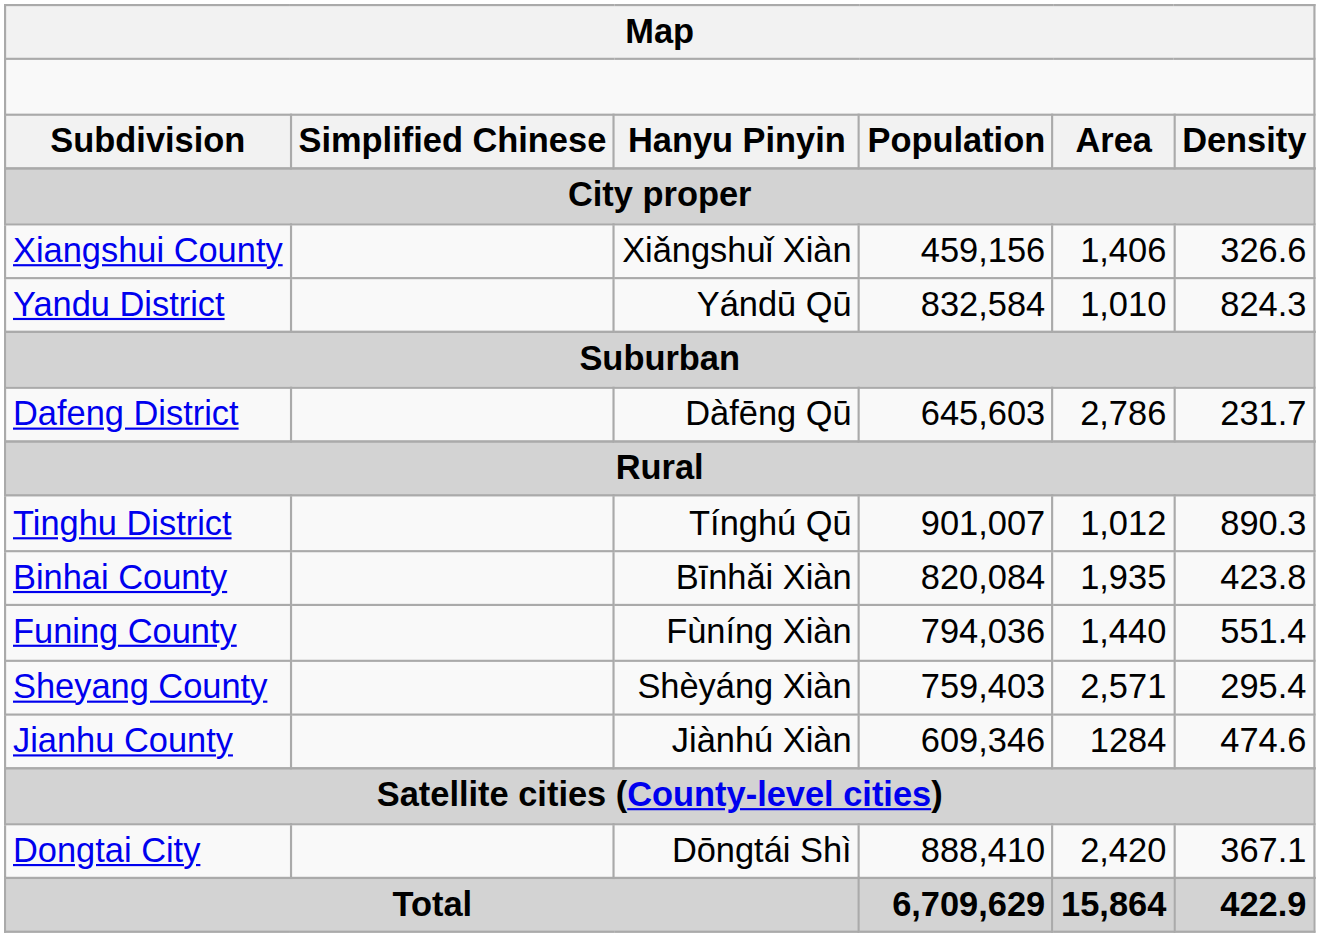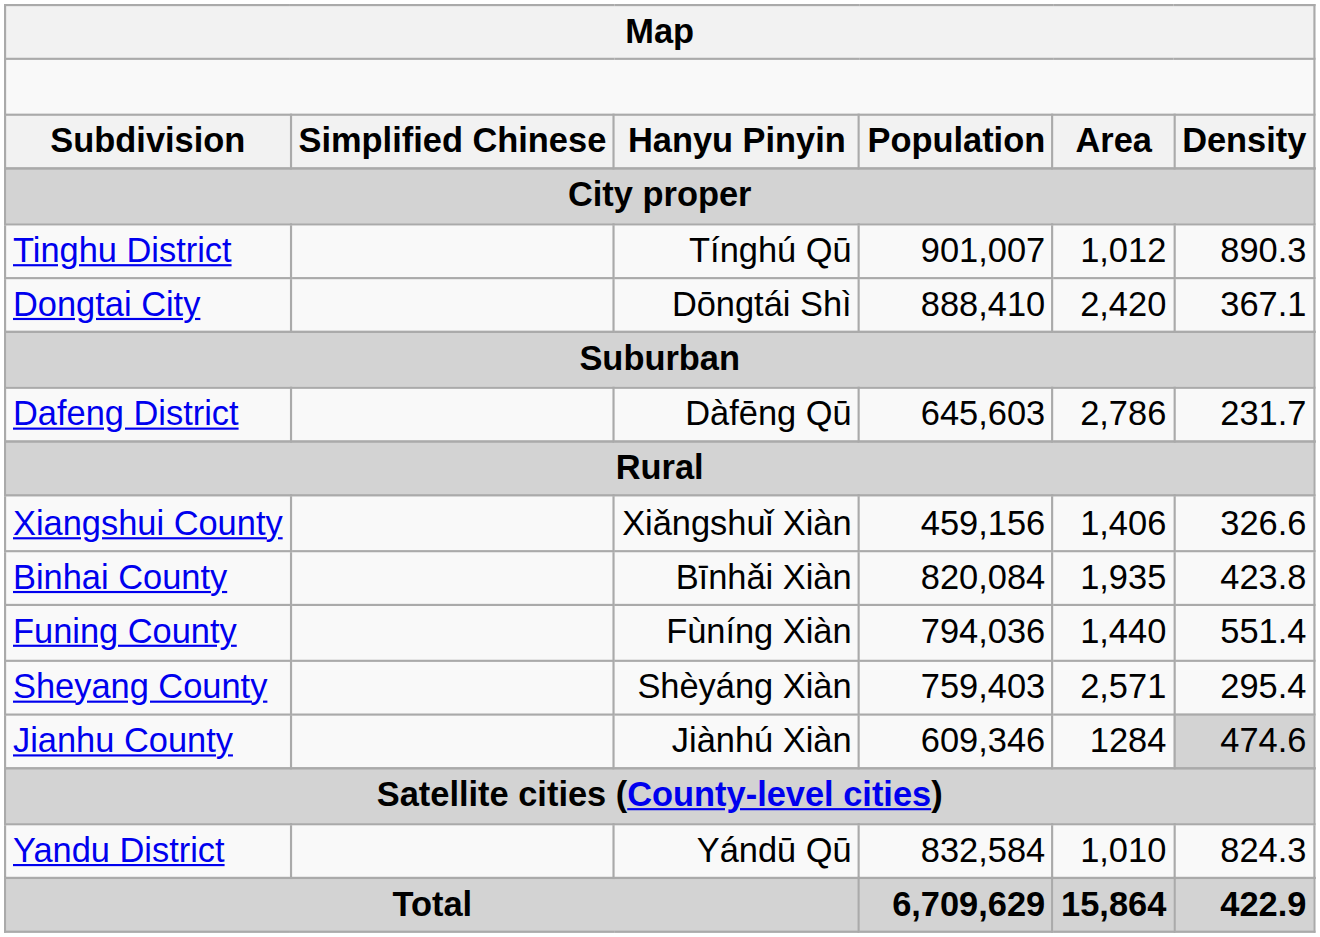 <table class="wikitable">
 <tr>
 <th colspan="6">Map</th>
 </tr>
 <tr>
 <td colspan="6"><div><br>           </div></td>
 </tr>
 <tr>
 <th align=left>Subdivision</th>
 <th align=left>Simplified Chinese</th>
 <th align=left>Hanyu Pinyin</th>
 <th align=left>Population </th>
 <th align=left>Area </th>
 <th align=left>Density </th>
 </tr>
 <tr>
 </tr>
 <tr style="background:#d3d3d3;">
 <td colspan="6" style="text-align:center; "><strong>City proper</strong></td>
 </tr>
 <tr>
-<td align=left><a href='#'>Xiangshui County</a></td>
+<td align=left><a href='#'>Tinghu District</a></td>
 <td align=left></td>
-<td align=right>Xiǎngshuǐ Xiàn</td>
-<td align=right>459,156</td>
-<td align=right>1,406</td>
-<td align=right>326.6</td>
+<td align=right>Tínghú Qū</td>
+<td align=right>901,007</td>
+<td align=right>1,012</td>
+<td align=right>890.3</td>
 </tr>
 <tr>
-<td align=left><a href='#'>Yandu District</a></td>
+<td align=left><a href='#'>Dongtai City</a></td>
 <td align=left></td>
-<td align=right>Yándū Qū</td>
-<td align=right>832,584</td>
-<td align=right>1,010</td>
-<td align=right>824.3</td>
+<td align=right>Dōngtái Shì</td>
+<td align=right>888,410</td>
+<td align=right>2,420</td>
+<td align=right>367.1</td>
 </tr>
 <tr>
 </tr>
 <tr style="background:#d3d3d3;">
 <td colspan="6" style="text-align:center; "><strong>Suburban</strong></td>
 </tr>
 <tr>
 <td align=left><a href='#'>Dafeng District</a></td>
 <td align=left></td>
 <td align=right>Dàfēng Qū</td>
 <td align=right>645,603</td>
 <td align=right>2,786</td>
 <td align=right>231.7</td>
 </tr>
 <tr>
 </tr>
 <tr style="background:#d3d3d3;">
 <td colspan="6" style="text-align:center; "><strong>Rural</strong></td>
 </tr>
 <tr>
-<td align=left><a href='#'>Tinghu District</a></td>
+<td align=left><a href='#'>Xiangshui County</a></td>
 <td align=left></td>
-<td align=right>Tínghú Qū</td>
-<td align=right>901,007</td>
-<td align=right>1,012</td>
-<td align=right>890.3</td>
+<td align=right>Xiǎngshuǐ Xiàn</td>
+<td align=right>459,156</td>
+<td align=right>1,406</td>
+<td align=right>326.6</td>
 </tr>
 <tr>
 <td align=left><a href='#'>Binhai County</a></td>
 <td align=left></td>
 <td align=right>Bīnhǎi Xiàn</td>
 <td align=right>820,084</td>
 <td align=right>1,935</td>
 <td align=right>423.8</td>
 </tr>
 <tr>
 <td align=left><a href='#'>Funing County</a></td>
 <td align=left></td>
 <td align=right>Fùníng Xiàn</td>
 <td align=right>794,036</td>
 <td align=right>1,440</td>
 <td align=right>551.4</td>
 </tr>
 <tr>
 <td align=left><a href='#'>Sheyang County</a></td>
 <td align=left></td>
 <td align=right>Shèyáng Xiàn</td>
 <td align=right>759,403</td>
 <td align=right>2,571</td>
 <td align=right>295.4</td>
 </tr>
 <tr>
 <td align=left><a href='#'>Jianhu County</a></td>
 <td align=left></td>
 <td align=right>Jiànhú Xiàn</td>
 <td align=right>609,346</td>
 <td align=right>1284</td>
-<td align=right>474.6</td>
+<td align=right style="background: lightgrey;">474.6</td>
 </tr>
 <tr>
 </tr>
 <tr style="background:#d3d3d3;">
 <td colspan="6" style="text-align:center; "><strong>Satellite cities (<a href='#'>County-level cities</a>)</strong></td>
 </tr>
 <tr>
-<td align=left><a href='#'>Dongtai City</a></td>
+<td align=left><a href='#'>Yandu District</a></td>
 <td align=left></td>
-<td align=right>Dōngtái Shì</td>
-<td align=right>888,410</td>
-<td align=right>2,420</td>
-<td align=right>367.1</td>
+<td align=right>Yándū Qū</td>
+<td align=right>832,584</td>
+<td align=right>1,010</td>
+<td align=right>824.3</td>
 </tr>
 <tr>
 </tr>
 <tr style="background:#d3d3d3;">
 <td colspan=3 style="text-align:center; "><strong>Total</strong></td>
 <td align=right><strong>6,709,629</strong></td>
 <td align=right><strong>15,864</strong></td>
 <td align=right><strong>422.9</strong></td>
 </tr>
 </table>
